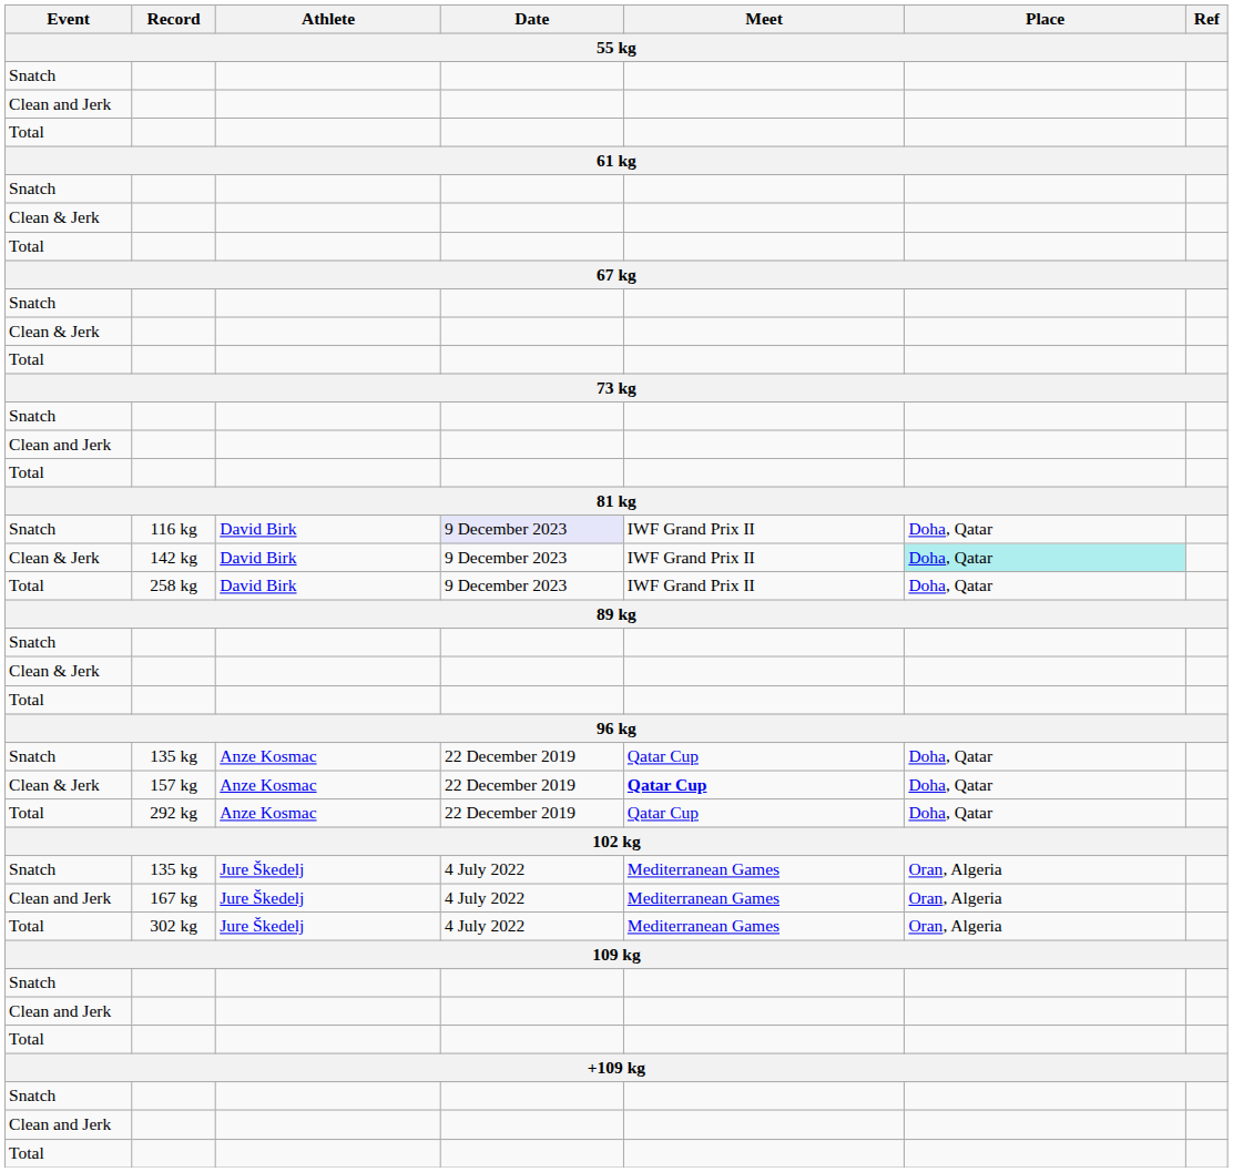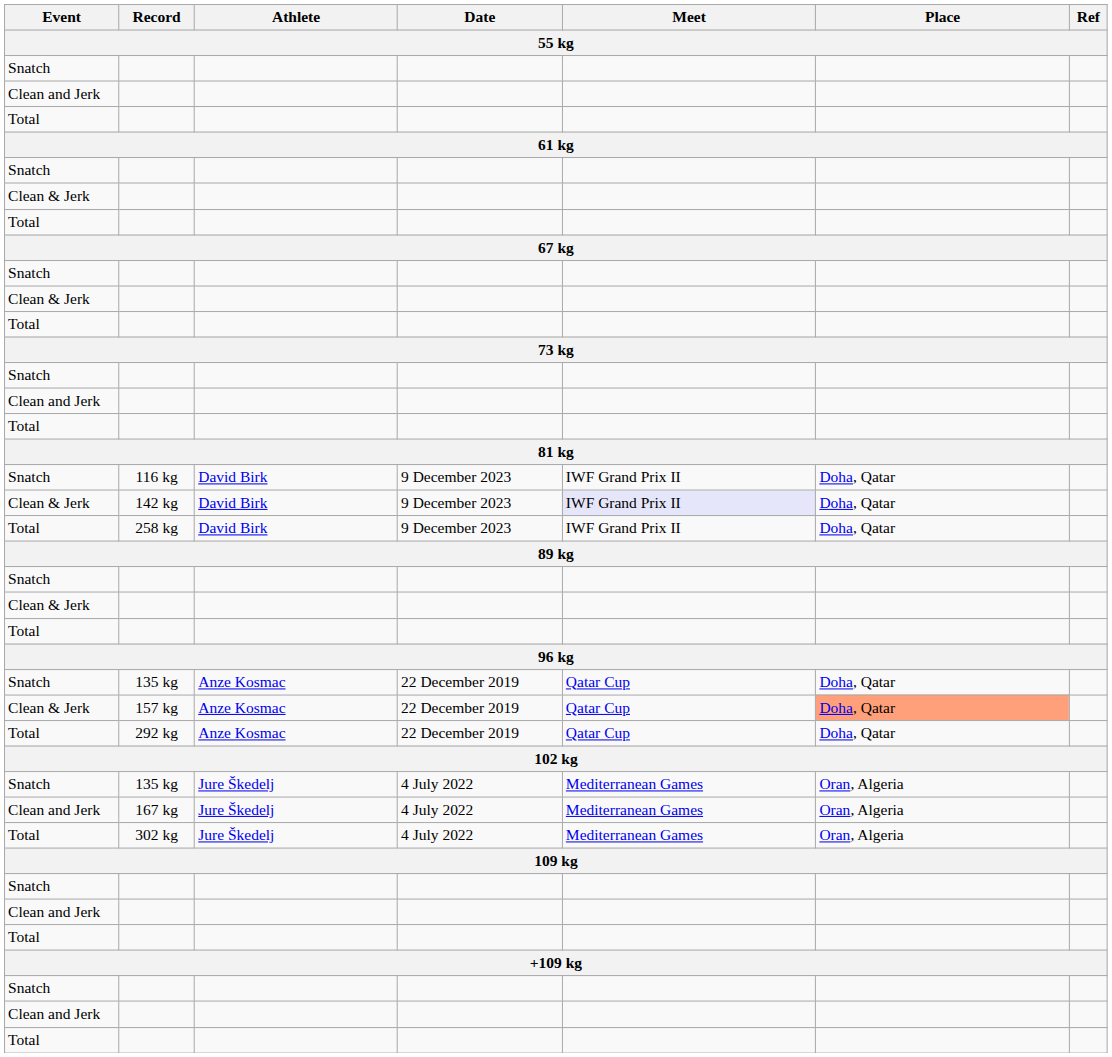 <table class="wikitable" style="font-size:95%;">
 <tr>
 <th width=9%>Event</th>
 <th width=6%>Record</th>
 <th width=16%>Athlete</th>
 <th width=13%>Date</th>
 <th width=20%>Meet</th>
 <th width=20%>Place</th>
 <th width=3%>Ref</th>
 </tr>
 <tr bgcolor="#DDDDDD">
 <th colspan="7">55 kg</th>
 </tr>
 <tr>
 <td>Snatch</td>
 <td align="center"></td>
 <td></td>
 <td></td>
 <td></td>
 <td></td>
 <td></td>
 </tr>
 <tr>
 <td>Clean and Jerk</td>
 <td align="center"></td>
 <td></td>
 <td></td>
 <td></td>
 <td></td>
 <td></td>
 </tr>
 <tr>
 <td>Total</td>
 <td align="center"></td>
 <td></td>
 <td></td>
 <td></td>
 <td></td>
 <td></td>
 </tr>
 <tr bgcolor="#DDDDDD">
 <th colspan="7">61 kg</th>
 </tr>
 <tr>
 <td>Snatch</td>
 <td align="center"></td>
 <td></td>
 <td></td>
 <td></td>
 <td></td>
 <td></td>
 </tr>
 <tr>
 <td>Clean & Jerk</td>
 <td align="center"></td>
 <td></td>
 <td></td>
 <td></td>
 <td></td>
 <td></td>
 </tr>
 <tr>
 <td>Total</td>
 <td align="center"></td>
 <td></td>
 <td></td>
 <td></td>
 <td></td>
 <td></td>
 </tr>
 <tr bgcolor="#DDDDDD">
 <th colspan="7">67 kg</th>
 </tr>
 <tr>
 <td>Snatch</td>
 <td align="center"></td>
 <td></td>
 <td></td>
 <td></td>
 <td></td>
 <td></td>
 </tr>
 <tr>
 <td>Clean & Jerk</td>
 <td align="center"></td>
 <td></td>
 <td></td>
 <td></td>
 <td></td>
 <td></td>
 </tr>
 <tr>
 <td>Total</td>
 <td align="center"></td>
 <td></td>
 <td></td>
 <td></td>
 <td></td>
 <td></td>
 </tr>
 <tr bgcolor="#DDDDDD">
 <th colspan="7">73 kg</th>
 </tr>
 <tr>
 <td>Snatch</td>
 <td align="center"></td>
 <td></td>
 <td></td>
 <td></td>
 <td></td>
 <td></td>
 </tr>
 <tr>
 <td>Clean and Jerk</td>
 <td align="center"></td>
 <td></td>
 <td></td>
 <td></td>
 <td></td>
 <td></td>
 </tr>
 <tr>
 <td>Total</td>
 <td align="center"></td>
 <td></td>
 <td></td>
 <td></td>
 <td></td>
 <td></td>
 </tr>
 <tr bgcolor="#DDDDDD">
 <th colspan="7">81 kg</th>
 </tr>
 <tr>
 <td>Snatch</td>
 <td align="center">116 kg</td>
 <td><a href='#'>David Birk</a></td>
-<td style="background: lavender;">9 December 2023</td>
+<td>9 December 2023</td>
 <td>IWF Grand Prix II</td>
 <td><a href='#'>Doha</a>, Qatar</td>
 <td></td>
 </tr>
 <tr>
 <td>Clean & Jerk</td>
 <td align="center">142 kg</td>
 <td><a href='#'>David Birk</a></td>
 <td>9 December 2023</td>
-<td>IWF Grand Prix II</td>
-<td style="background: paleturquoise;"><a href='#'>Doha</a>, Qatar</td>
+<td style="background: lavender;">IWF Grand Prix II</td>
+<td><a href='#'>Doha</a>, Qatar</td>
 <td></td>
 </tr>
 <tr>
 <td>Total</td>
 <td align="center">258 kg</td>
 <td><a href='#'>David Birk</a></td>
 <td>9 December 2023</td>
 <td>IWF Grand Prix II</td>
 <td><a href='#'>Doha</a>, Qatar</td>
 <td></td>
 </tr>
 <tr bgcolor="#DDDDDD">
 <th colspan="7">89 kg</th>
 </tr>
 <tr>
 <td>Snatch</td>
 <td align="center"></td>
 <td></td>
 <td></td>
 <td></td>
 <td></td>
 <td></td>
 </tr>
 <tr>
 <td>Clean & Jerk</td>
 <td align="center"></td>
 <td></td>
 <td></td>
 <td></td>
 <td></td>
 <td></td>
 </tr>
 <tr>
 <td>Total</td>
 <td align="center"></td>
 <td></td>
 <td></td>
 <td></td>
 <td></td>
 <td></td>
 </tr>
 <tr bgcolor="#DDDDDD">
 <th colspan="7">96 kg</th>
 </tr>
 <tr>
 <td>Snatch</td>
 <td align="center">135 kg</td>
 <td><a href='#'>Anze Kosmac</a></td>
 <td>22 December 2019</td>
 <td><a href='#'>Qatar Cup</a></td>
 <td><a href='#'>Doha</a>, Qatar</td>
 <td></td>
 </tr>
 <tr>
 <td>Clean & Jerk</td>
 <td align="center">157 kg</td>
 <td><a href='#'>Anze Kosmac</a></td>
 <td>22 December 2019</td>
-<td><strong><a href='#'>Qatar Cup</a></strong></td>
-<td><a href='#'>Doha</a>, Qatar</td>
+<td><a href='#'>Qatar Cup</a></td>
+<td style="background: lightsalmon;"><a href='#'>Doha</a>, Qatar</td>
 <td></td>
 </tr>
 <tr>
 <td>Total</td>
 <td align="center">292 kg</td>
 <td><a href='#'>Anze Kosmac</a></td>
 <td>22 December 2019</td>
 <td><a href='#'>Qatar Cup</a></td>
 <td><a href='#'>Doha</a>, Qatar</td>
 <td></td>
 </tr>
 <tr bgcolor="#DDDDDD">
 <th colspan="7">102 kg</th>
 </tr>
 <tr>
 <td>Snatch</td>
 <td align="center">135 kg</td>
 <td><a href='#'>Jure Škedelj</a></td>
 <td>4 July 2022</td>
 <td><a href='#'>Mediterranean Games</a></td>
 <td><a href='#'>Oran</a>, Algeria</td>
 <td></td>
 </tr>
 <tr>
 <td>Clean and Jerk</td>
 <td align="center">167 kg</td>
 <td><a href='#'>Jure Škedelj</a></td>
 <td>4 July 2022</td>
 <td><a href='#'>Mediterranean Games</a></td>
 <td><a href='#'>Oran</a>, Algeria</td>
 <td></td>
 </tr>
 <tr>
 <td>Total</td>
 <td align="center">302 kg</td>
 <td><a href='#'>Jure Škedelj</a></td>
 <td>4 July 2022</td>
 <td><a href='#'>Mediterranean Games</a></td>
 <td><a href='#'>Oran</a>, Algeria</td>
 <td></td>
 </tr>
 <tr bgcolor="#DDDDDD">
 <th colspan="7">109 kg</th>
 </tr>
 <tr>
 <td>Snatch</td>
 <td align="center"></td>
 <td></td>
 <td></td>
 <td></td>
 <td></td>
 <td></td>
 </tr>
 <tr>
 <td>Clean and Jerk</td>
 <td align="center"></td>
 <td></td>
 <td></td>
 <td></td>
 <td></td>
 <td></td>
 </tr>
 <tr>
 <td>Total</td>
 <td align="center"></td>
 <td></td>
 <td></td>
 <td></td>
 <td></td>
 <td></td>
 </tr>
 <tr bgcolor="#DDDDDD">
 <th colspan="7">+109 kg</th>
 </tr>
 <tr>
 <td>Snatch</td>
 <td align="center"></td>
 <td></td>
 <td></td>
 <td></td>
 <td></td>
 <td></td>
 </tr>
 <tr>
 <td>Clean and Jerk</td>
 <td align="center"></td>
 <td></td>
 <td></td>
 <td></td>
 <td></td>
 <td></td>
 </tr>
 <tr>
 <td>Total</td>
 <td align="center"></td>
 <td></td>
 <td></td>
 <td></td>
 <td></td>
 <td></td>
 </tr>
 </table>
